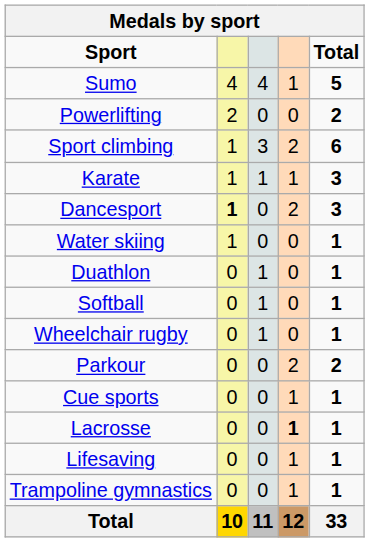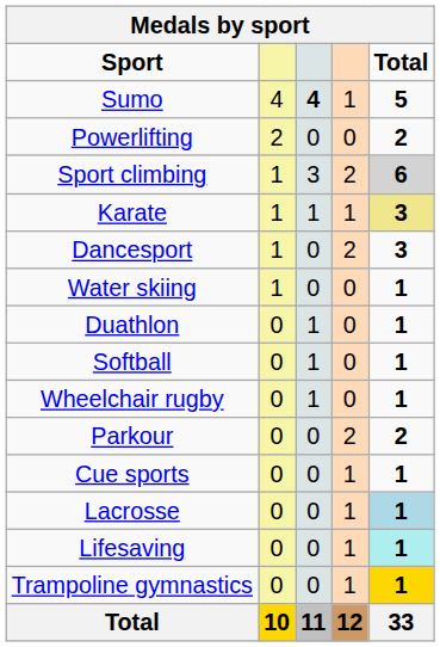 <table class="wikitable" style="font-size:95%;float:right;clear:right;">
 <tr style="background:#efefef;">
 <th colspan=5><strong>Medals by sport</strong></th>
 </tr>
 <tr align=center>
 <td><strong>Sport</strong></td>
 <td bgcolor=#f7f6a8></td>
 <td bgcolor=#dce5e5></td>
 <td bgcolor=#ffdab9></td>
 <td><strong>Total</strong></td>
 </tr>
 <tr align=center>
 <td><a href='#'>Sumo</a></td>
 <td style="background:#F7F6A8;">4</td>
-<td style="background:#DCE5E5;">4</td>
+<td style="background:#DCE5E5;"><strong>4</strong></td>
 <td style="background:#FFDAB9;">1</td>
 <td><strong>5</strong></td>
 </tr>
 <tr align=center>
 <td><a href='#'>Powerlifting</a></td>
 <td style="background:#F7F6A8;">2</td>
 <td style="background:#DCE5E5;">0</td>
 <td style="background:#FFDAB9;">0</td>
 <td><strong>2</strong></td>
 </tr>
 <tr align=center>
 <td><a href='#'>Sport climbing</a></td>
 <td style="background:#F7F6A8;">1</td>
 <td style="background:#DCE5E5;">3</td>
 <td style="background:#FFDAB9;">2</td>
-<td><strong>6</strong></td>
+<td style="background: lightgrey;"><strong>6</strong></td>
 </tr>
 <tr align=center>
 <td><a href='#'>Karate</a></td>
 <td style="background:#F7F6A8;">1</td>
 <td style="background:#DCE5E5;">1</td>
 <td style="background:#FFDAB9;">1</td>
-<td><strong>3</strong></td>
+<td style="background: khaki;"><strong>3</strong></td>
 </tr>
 <tr align=center>
 <td><a href='#'>Dancesport</a></td>
-<td style="background:#F7F6A8;"><strong>1</strong></td>
+<td style="background:#F7F6A8;">1</td>
 <td style="background:#DCE5E5;">0</td>
 <td style="background:#FFDAB9;">2</td>
 <td><strong>3</strong></td>
 </tr>
 <tr align=center>
 <td><a href='#'>Water skiing</a></td>
 <td style="background:#F7F6A8;">1</td>
 <td style="background:#DCE5E5;">0</td>
 <td style="background:#FFDAB9;">0</td>
 <td><strong>1</strong></td>
 </tr>
 <tr align=center>
 <td><a href='#'>Duathlon</a></td>
 <td style="background:#F7F6A8;">0</td>
 <td style="background:#DCE5E5;">1</td>
 <td style="background:#FFDAB9;">0</td>
 <td><strong>1</strong></td>
 </tr>
 <tr align=center>
 <td><a href='#'>Softball</a></td>
 <td style="background:#F7F6A8;">0</td>
 <td style="background:#DCE5E5;">1</td>
 <td style="background:#FFDAB9;">0</td>
 <td><strong>1</strong></td>
 </tr>
 <tr align=center>
 <td><a href='#'>Wheelchair rugby</a></td>
 <td style="background:#F7F6A8;">0</td>
 <td style="background:#DCE5E5;">1</td>
 <td style="background:#FFDAB9;">0</td>
 <td><strong>1</strong></td>
 </tr>
 <tr align=center>
 <td><a href='#'>Parkour</a></td>
 <td style="background:#F7F6A8;">0</td>
 <td style="background:#DCE5E5;">0</td>
 <td style="background:#FFDAB9;">2</td>
 <td><strong>2</strong></td>
 </tr>
 <tr align=center>
 <td><a href='#'>Cue sports</a></td>
 <td style="background:#F7F6A8;">0</td>
 <td style="background:#DCE5E5;">0</td>
 <td style="background:#FFDAB9;">1</td>
 <td><strong>1</strong></td>
 </tr>
 <tr align=center>
 <td><a href='#'>Lacrosse</a></td>
 <td style="background:#F7F6A8;">0</td>
 <td style="background:#DCE5E5;">0</td>
-<td style="background:#FFDAB9;"><strong>1</strong></td>
-<td><strong>1</strong></td>
+<td style="background:#FFDAB9;">1</td>
+<td style="background: lightblue;"><strong>1</strong></td>
 </tr>
 <tr align=center>
 <td><a href='#'>Lifesaving</a></td>
 <td style="background:#F7F6A8;">0</td>
 <td style="background:#DCE5E5;">0</td>
 <td style="background:#FFDAB9;">1</td>
-<td><strong>1</strong></td>
+<td style="background: paleturquoise;"><strong>1</strong></td>
 </tr>
 <tr align=center>
 <td><a href='#'>Trampoline gymnastics</a></td>
 <td style="background:#F7F6A8;">0</td>
 <td style="background:#DCE5E5;">0</td>
 <td style="background:#FFDAB9;">1</td>
-<td><strong>1</strong></td>
+<td style="background: gold;"><strong>1</strong></td>
 </tr>
 <tr align=center>
 <th><strong>Total</strong></th>
 <th style="background:gold;"><strong>10</strong></th>
 <th style="background:silver;"><strong>11</strong></th>
 <th style="background:#c96;"><strong>12</strong></th>
 <th><strong>33</strong></th>
 </tr>
 </table>
